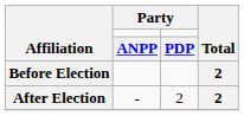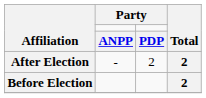 <table class=wikitable style="text-align:center">
 <tr style="vertical-align:bottom;">
 <th rowspan=3>Affiliation</th>
 <th colspan=2>Party</th>
 <th rowspan=3>Total</th>
 </tr>
 <tr>
 <td style="background-color:"></td>
 <td style="background-color:"></td>
 </tr>
 <tr>
 <th><a href='#'>ANPP</a></th>
 <th><a href='#'>PDP</a></th>
 </tr>
 <tr>
+<th>After Election</th>
+<td>-</td>
+<td>2</td>
+<th>2</th>
+</tr>
+<tr>
 <th>Before Election</th>
 <td></td>
 <td></td>
 <th>2</th>
 </tr>
 <tr>
-<th>After Election</th>
-<td>-</td>
-<td>2</td>
-<th>2</th>
-</tr>
-<tr>
 </tr>
 </table>
